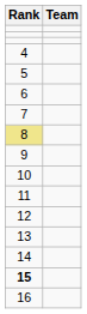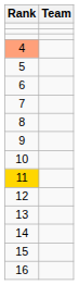 <table class="wikitable" style="text-align:center;">
 <tr>
 <th width=40>Rank</th>
 <th>Team</th>
 </tr>
 <tr>
 <td></td>
 <td style="text-align:left;"></td>
 </tr>
 <tr>
 <td></td>
 <td style="text-align:left;"></td>
 </tr>
 <tr>
 <td></td>
 <td style="text-align:left;"></td>
 </tr>
 <tr>
-<td>4</td>
+<td style="background: lightsalmon;">4</td>
 <td style="text-align:left;"></td>
 </tr>
 <tr>
 <td>5</td>
 <td style="text-align:left;"></td>
 </tr>
 <tr>
 <td>6</td>
 <td style="text-align:left;"></td>
 </tr>
 <tr>
 <td>7</td>
 <td style="text-align:left;"></td>
 </tr>
 <tr>
-<td style="background: khaki;">8</td>
+<td>8</td>
 <td style="text-align:left;"></td>
 </tr>
 <tr>
 <td>9</td>
 <td style="text-align:left;"></td>
 </tr>
 <tr>
 <td>10</td>
 <td style="text-align:left;"></td>
 </tr>
 <tr>
-<td>11</td>
+<td style="background: gold;">11</td>
 <td style="text-align:left;"></td>
 </tr>
 <tr>
 <td>12</td>
 <td style="text-align:left;"></td>
 </tr>
 <tr>
 <td>13</td>
 <td style="text-align:left;"></td>
 </tr>
 <tr>
 <td>14</td>
 <td style="text-align:left;"></td>
 </tr>
 <tr>
-<td><strong>15</strong></td>
+<td>15</td>
 <td style="text-align:left;"></td>
 </tr>
 <tr>
 <td>16</td>
 <td style="text-align:left;"></td>
 </tr>
 </table>
